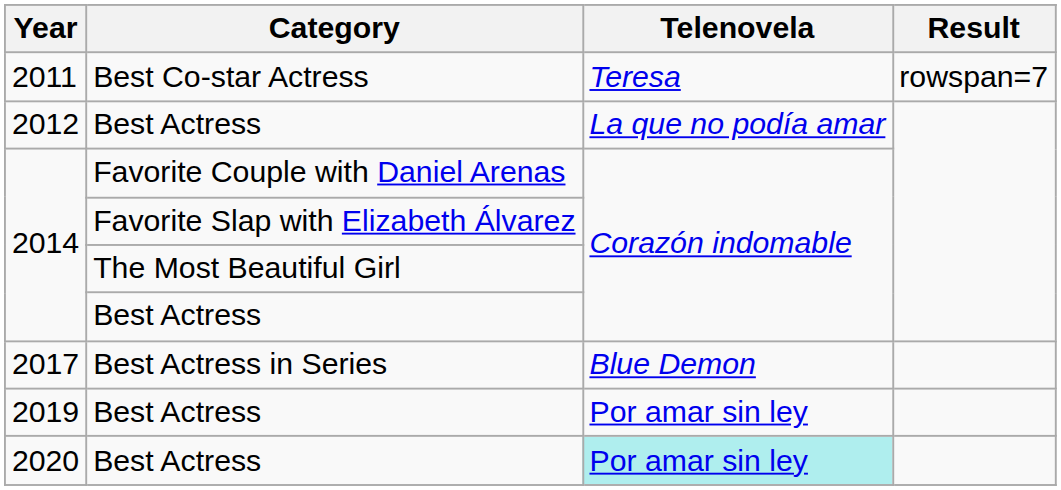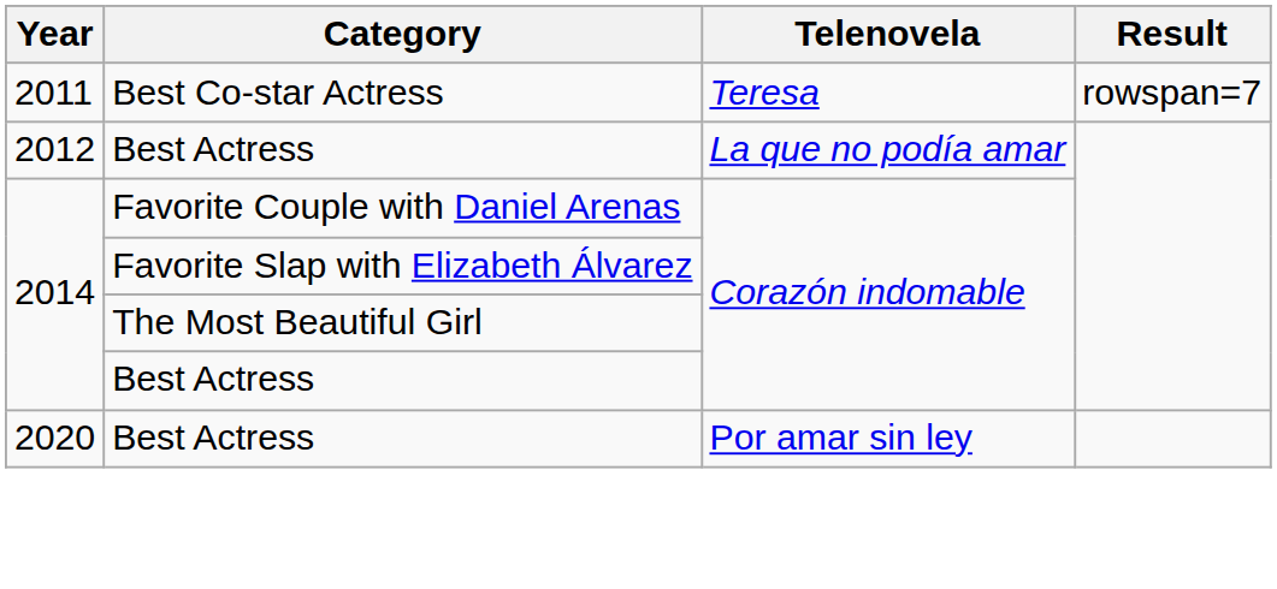 <table class="wikitable">
 <tr>
 <th>Year</th>
 <th>Category</th>
 <th>Telenovela</th>
 <th>Result</th>
 </tr>
 <tr>
 <td>2011</td>
 <td>Best Co-star Actress</td>
 <td><em><a href='#'>Teresa</a></em></td>
 <td>rowspan=7 </td>
 </tr>
 <tr>
 <td>2012</td>
 <td rowspan=2>Best Actress</td>
 <td><em><a href='#'>La que no podía amar</a></em></td>
 </tr>
 <tr>
 <td rowspan=5>2014</td>
 <td rowspan=5><em><a href='#'>Corazón indomable</a></em></td>
 </tr>
 <tr>
 <td>Favorite Couple with <a href='#'>Daniel Arenas</a></td>
 </tr>
 <tr>
 <td>Favorite Slap with <a href='#'>Elizabeth Álvarez</a></td>
 </tr>
 <tr>
 <td>The Most Beautiful Girl</td>
 </tr>
 <tr>
 <td>Best Actress</td>
 </tr>
 <tr>
-<td>2017</td>
-<td>Best Actress in Series</td>
-<td><em><a href='#'>Blue Demon</a></em></td>
-<td></td>
-</tr>
-<tr>
-<td>2019</td>
+<td>2020</td>
 <td>Best Actress</td>
 <td><a href='#'>Por amar sin ley</a></td>
 <td></td>
 </tr>
-<tr>
-<td>2020</td>
-<td>Best Actress</td>
-<td style="background: paleturquoise;"><a href='#'>Por amar sin ley</a></td>
-<td></td>
-</tr>
 </table>
